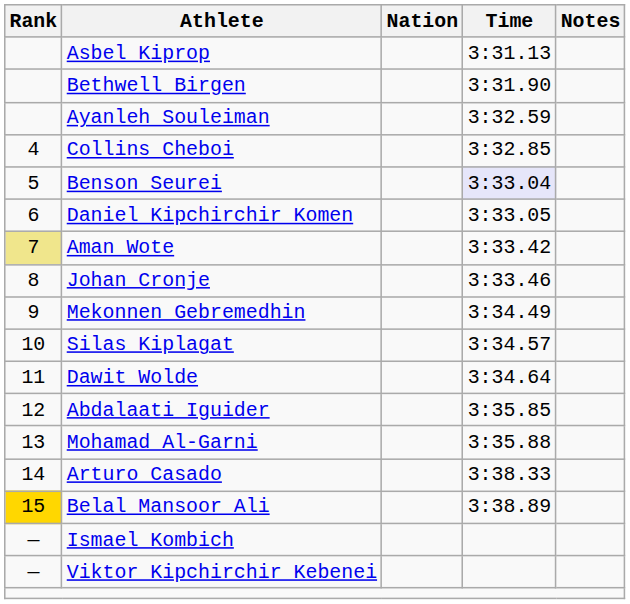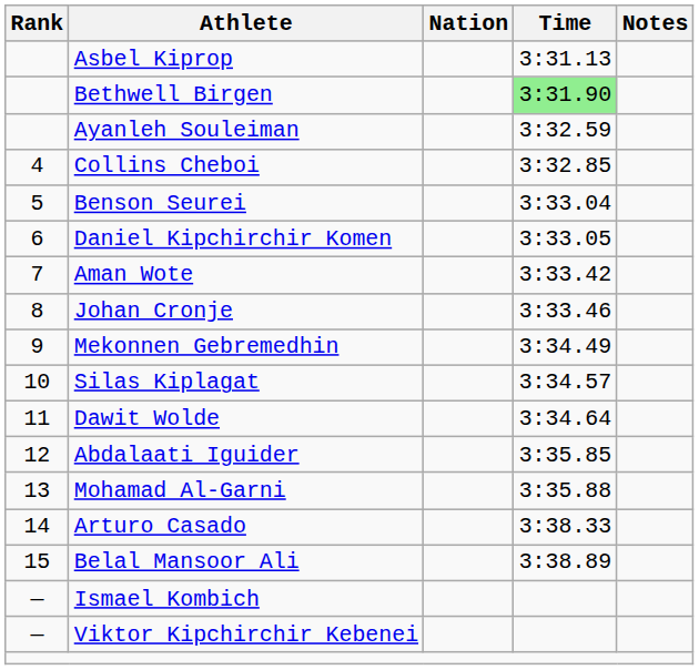 <table class="wikitable mw-datatable sortable" style="text-align:center;">
 <tr>
 <th>Rank</th>
 <th>Athlete</th>
 <th>Nation</th>
 <th>Time</th>
 <th>Notes</th>
 </tr>
 <tr>
 <td></td>
 <td align=left><a href='#'>Asbel Kiprop</a></td>
 <td align=left></td>
 <td>3:31.13</td>
 <td></td>
 </tr>
 <tr>
 <td></td>
 <td align=left><a href='#'>Bethwell Birgen</a></td>
 <td align=left></td>
-<td>3:31.90</td>
+<td style="background: lightgreen;">3:31.90</td>
 <td></td>
 </tr>
 <tr>
 <td></td>
 <td align=left><a href='#'>Ayanleh Souleiman</a></td>
 <td align=left></td>
 <td>3:32.59</td>
 <td></td>
 </tr>
 <tr>
 <td>4</td>
 <td align=left><a href='#'>Collins Cheboi</a></td>
 <td align=left></td>
 <td>3:32.85</td>
 <td></td>
 </tr>
 <tr>
 <td>5</td>
 <td align=left><a href='#'>Benson Seurei</a></td>
 <td align=left></td>
-<td style="background: lavender;">3:33.04</td>
+<td>3:33.04</td>
 <td></td>
 </tr>
 <tr>
 <td>6</td>
 <td align=left><a href='#'>Daniel Kipchirchir Komen</a></td>
 <td align=left></td>
 <td>3:33.05</td>
 <td></td>
 </tr>
 <tr>
-<td style="background: khaki;">7</td>
+<td>7</td>
 <td align=left><a href='#'>Aman Wote</a></td>
 <td align=left></td>
 <td>3:33.42</td>
 <td></td>
 </tr>
 <tr>
 <td>8</td>
 <td align=left><a href='#'>Johan Cronje</a></td>
 <td align=left></td>
 <td>3:33.46</td>
 <td><strong></strong></td>
 </tr>
 <tr>
 <td>9</td>
 <td align=left><a href='#'>Mekonnen Gebremedhin</a></td>
 <td align=left></td>
 <td>3:34.49</td>
 <td></td>
 </tr>
 <tr>
 <td>10</td>
 <td align=left><a href='#'>Silas Kiplagat</a></td>
 <td align=left></td>
 <td>3:34.57</td>
 <td></td>
 </tr>
 <tr>
 <td>11</td>
 <td align=left><a href='#'>Dawit Wolde</a></td>
 <td align=left></td>
 <td>3:34.64</td>
 <td></td>
 </tr>
 <tr>
 <td>12</td>
 <td align=left><a href='#'>Abdalaati Iguider</a></td>
 <td align=left></td>
 <td>3:35.85</td>
 <td></td>
 </tr>
 <tr>
 <td>13</td>
 <td align=left><a href='#'>Mohamad Al-Garni</a></td>
 <td align=left></td>
 <td>3:35.88</td>
 <td></td>
 </tr>
 <tr>
 <td>14</td>
 <td align=left><a href='#'>Arturo Casado</a></td>
 <td align=left></td>
 <td>3:38.33</td>
 <td></td>
 </tr>
 <tr>
-<td style="background: gold;">15</td>
+<td>15</td>
 <td align=left><a href='#'>Belal Mansoor Ali</a></td>
 <td align=left></td>
 <td>3:38.89</td>
 <td></td>
 </tr>
 <tr>
 <td>—</td>
 <td align=left><a href='#'>Ismael Kombich</a></td>
 <td align=left></td>
 <td></td>
 <td></td>
 </tr>
 <tr>
 <td>—</td>
 <td align=left><a href='#'>Viktor Kipchirchir Kebenei</a></td>
 <td align=left></td>
 <td></td>
 <td></td>
 </tr>
 <tr class="sortbottom">
 <td colspan=5></td>
 </tr>
 </table>
